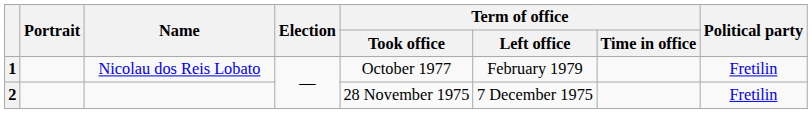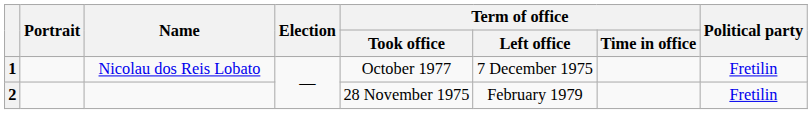 <table class="wikitable" style="text-align:center">
 <tr>
 <th rowspan="2"></th>
 <th rowspan="2">Portrait</th>
 <th rowspan="2" width="180">Name<br></th>
 <th rowspan="2">Election</th>
 <th colspan="3">Term of office</th>
 <th rowspan="2">Political party</th>
 </tr>
 <tr>
 <th>Took office</th>
 <th>Left office</th>
 <th>Time in office</th>
 </tr>
 <tr>
 <th style="background:">1</th>
 <td></td>
 <td><a href='#'>Nicolau dos Reis Lobato</a><br></td>
 <td rowspan="2">—</td>
 <td>October 1977</td>
-<td>February 1979</td>
+<td>7 December 1975</td>
 <td></td>
 <td><a href='#'>Fretilin</a></td>
 </tr>
 <tr>
 <th style="background:">2</th>
 <td></td>
 <td></td>
 <td>28 November 1975</td>
-<td>7 December 1975</td>
+<td>February 1979</td>
 <td></td>
 <td><a href='#'>Fretilin</a></td>
 </tr>
 </table>
